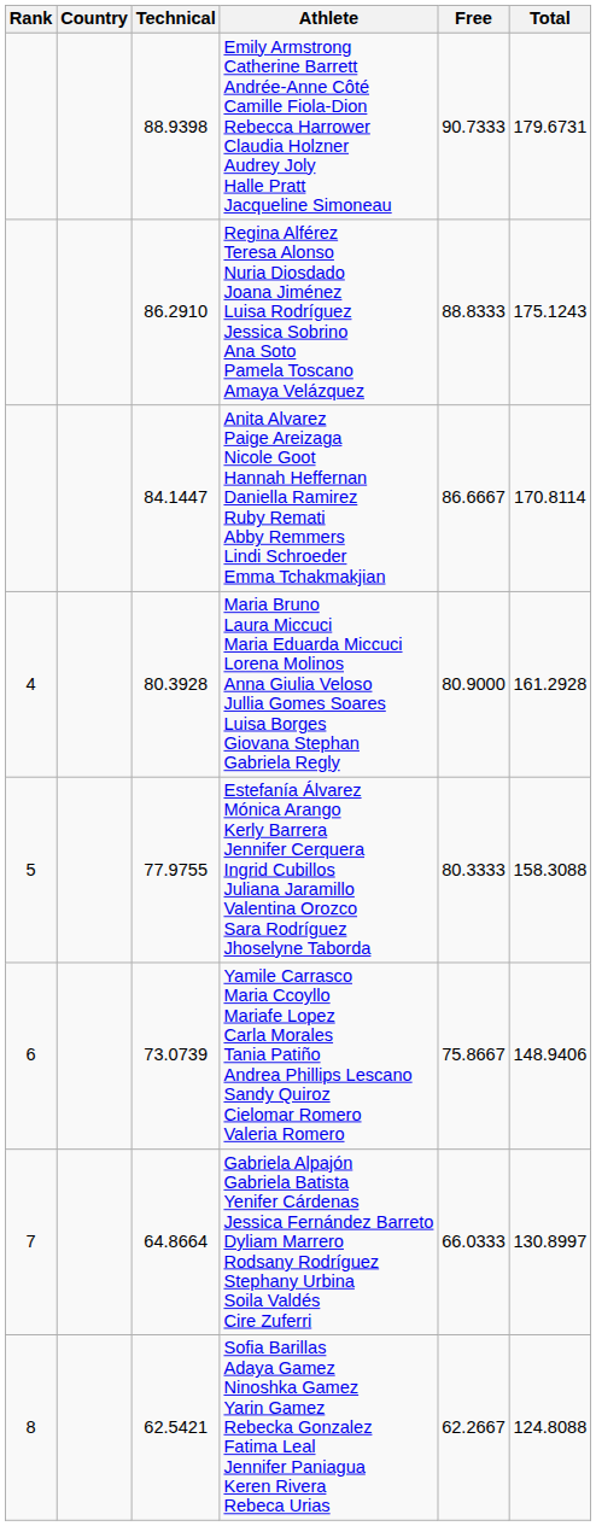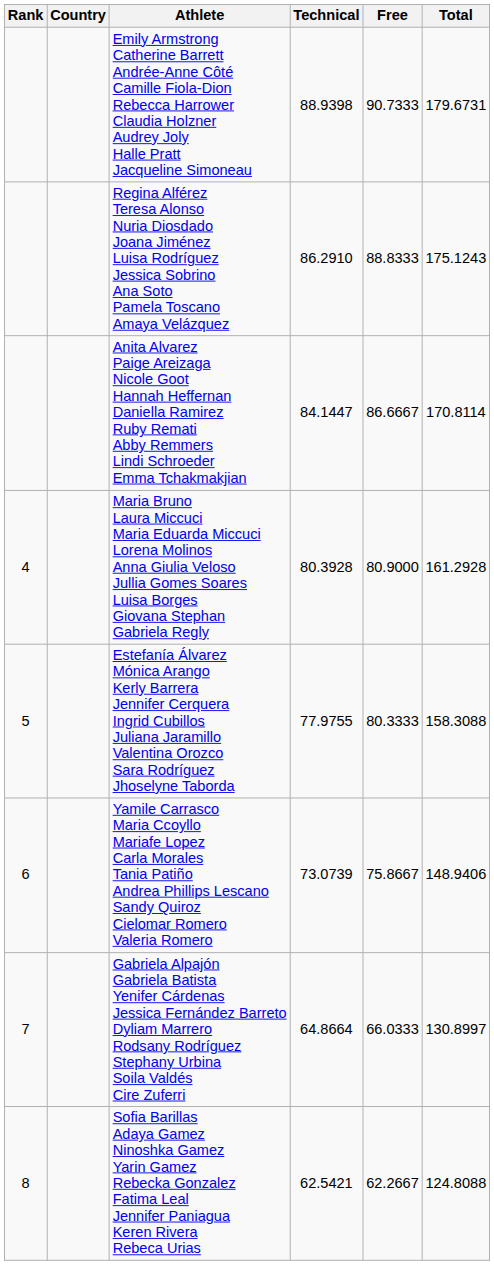 <table class="wikitable">
 <tr>
 <th>Rank</th>
 <th>Country</th>
+<th>Athlete</th>
 <th>Technical</th>
-<th>Athlete</th>
 <th>Free</th>
 <th>Total</th>
 </tr>
 <tr align=center>
 <td></td>
 <td align=left></td>
+<td align=left><a href='#'>Emily Armstrong</a><br><a href='#'>Catherine Barrett</a><br><a href='#'>Andrée-Anne Côté</a><br><a href='#'>Camille Fiola-Dion</a><br><a href='#'>Rebecca Harrower</a><br><a href='#'>Claudia Holzner</a><br><a href='#'>Audrey Joly</a><br><a href='#'>Halle Pratt</a><br><a href='#'>Jacqueline Simoneau</a></td>
 <td>88.9398</td>
-<td align=left><a href='#'>Emily Armstrong</a><br><a href='#'>Catherine Barrett</a><br><a href='#'>Andrée-Anne Côté</a><br><a href='#'>Camille Fiola-Dion</a><br><a href='#'>Rebecca Harrower</a><br><a href='#'>Claudia Holzner</a><br><a href='#'>Audrey Joly</a><br><a href='#'>Halle Pratt</a><br><a href='#'>Jacqueline Simoneau</a></td>
 <td>90.7333</td>
 <td>179.6731</td>
 </tr>
 <tr align=center>
 <td></td>
 <td align=left></td>
+<td align=left><a href='#'>Regina Alférez</a><br><a href='#'>Teresa Alonso</a><br><a href='#'>Nuria Diosdado</a><br><a href='#'>Joana Jiménez</a><br><a href='#'>Luisa Rodríguez</a><br><a href='#'>Jessica Sobrino</a><br><a href='#'>Ana Soto</a><br><a href='#'>Pamela Toscano</a><br><a href='#'>Amaya Velázquez</a></td>
 <td>86.2910</td>
-<td align=left><a href='#'>Regina Alférez</a><br><a href='#'>Teresa Alonso</a><br><a href='#'>Nuria Diosdado</a><br><a href='#'>Joana Jiménez</a><br><a href='#'>Luisa Rodríguez</a><br><a href='#'>Jessica Sobrino</a><br><a href='#'>Ana Soto</a><br><a href='#'>Pamela Toscano</a><br><a href='#'>Amaya Velázquez</a></td>
 <td>88.8333</td>
 <td>175.1243</td>
 </tr>
 <tr align=center>
 <td></td>
 <td align=left></td>
+<td align=left><a href='#'>Anita Alvarez</a><br><a href='#'>Paige Areizaga</a><br><a href='#'>Nicole Goot</a><br><a href='#'>Hannah Heffernan</a><br><a href='#'>Daniella Ramirez</a><br><a href='#'>Ruby Remati</a><br><a href='#'>Abby Remmers</a><br><a href='#'>Lindi Schroeder</a><br><a href='#'>Emma Tchakmakjian</a></td>
 <td>84.1447</td>
-<td align=left><a href='#'>Anita Alvarez</a><br><a href='#'>Paige Areizaga</a><br><a href='#'>Nicole Goot</a><br><a href='#'>Hannah Heffernan</a><br><a href='#'>Daniella Ramirez</a><br><a href='#'>Ruby Remati</a><br><a href='#'>Abby Remmers</a><br><a href='#'>Lindi Schroeder</a><br><a href='#'>Emma Tchakmakjian</a></td>
 <td>86.6667</td>
 <td>170.8114</td>
 </tr>
 <tr align=center>
 <td>4</td>
 <td align=left></td>
+<td align=left><a href='#'>Maria Bruno</a><br><a href='#'>Laura Miccuci</a><br><a href='#'>Maria Eduarda Miccuci</a><br><a href='#'>Lorena Molinos</a><br><a href='#'>Anna Giulia Veloso</a><br><a href='#'>Jullia Gomes Soares</a><br><a href='#'>Luisa Borges</a><br><a href='#'>Giovana Stephan</a><br><a href='#'>Gabriela Regly</a></td>
 <td>80.3928</td>
-<td align=left><a href='#'>Maria Bruno</a><br><a href='#'>Laura Miccuci</a><br><a href='#'>Maria Eduarda Miccuci</a><br><a href='#'>Lorena Molinos</a><br><a href='#'>Anna Giulia Veloso</a><br><a href='#'>Jullia Gomes Soares</a><br><a href='#'>Luisa Borges</a><br><a href='#'>Giovana Stephan</a><br><a href='#'>Gabriela Regly</a></td>
 <td>80.9000</td>
 <td>161.2928</td>
 </tr>
 <tr align=center>
 <td>5</td>
 <td align=left></td>
+<td align=left><a href='#'>Estefanía Álvarez</a><br><a href='#'>Mónica Arango</a><br><a href='#'>Kerly Barrera</a><br><a href='#'>Jennifer Cerquera</a><br><a href='#'>Ingrid Cubillos</a><br><a href='#'>Juliana Jaramillo</a><br><a href='#'>Valentina Orozco</a><br><a href='#'>Sara Rodríguez</a><br><a href='#'>Jhoselyne Taborda</a></td>
 <td>77.9755</td>
-<td align=left><a href='#'>Estefanía Álvarez</a><br><a href='#'>Mónica Arango</a><br><a href='#'>Kerly Barrera</a><br><a href='#'>Jennifer Cerquera</a><br><a href='#'>Ingrid Cubillos</a><br><a href='#'>Juliana Jaramillo</a><br><a href='#'>Valentina Orozco</a><br><a href='#'>Sara Rodríguez</a><br><a href='#'>Jhoselyne Taborda</a></td>
 <td>80.3333</td>
 <td>158.3088</td>
 </tr>
 <tr align=center>
 <td>6</td>
 <td align=left></td>
+<td align=left><a href='#'>Yamile Carrasco</a><br><a href='#'>Maria Ccoyllo</a><br><a href='#'>Mariafe Lopez</a><br><a href='#'>Carla Morales</a><br><a href='#'>Tania Patiño</a><br><a href='#'>Andrea Phillips Lescano</a><br><a href='#'>Sandy Quiroz</a><br><a href='#'>Cielomar Romero</a><br><a href='#'>Valeria Romero</a></td>
 <td>73.0739</td>
-<td align=left><a href='#'>Yamile Carrasco</a><br><a href='#'>Maria Ccoyllo</a><br><a href='#'>Mariafe Lopez</a><br><a href='#'>Carla Morales</a><br><a href='#'>Tania Patiño</a><br><a href='#'>Andrea Phillips Lescano</a><br><a href='#'>Sandy Quiroz</a><br><a href='#'>Cielomar Romero</a><br><a href='#'>Valeria Romero</a></td>
 <td>75.8667</td>
 <td>148.9406</td>
 </tr>
 <tr align=center>
 <td>7</td>
 <td align=left></td>
+<td align=left><a href='#'>Gabriela Alpajón</a><br><a href='#'>Gabriela Batista</a><br><a href='#'>Yenifer Cárdenas</a><br><a href='#'>Jessica Fernández Barreto</a><br><a href='#'>Dyliam Marrero</a><br><a href='#'>Rodsany Rodríguez</a><br><a href='#'>Stephany Urbina</a><br><a href='#'>Soila Valdés</a><br><a href='#'>Cire Zuferri</a></td>
 <td>64.8664</td>
-<td align=left><a href='#'>Gabriela Alpajón</a><br><a href='#'>Gabriela Batista</a><br><a href='#'>Yenifer Cárdenas</a><br><a href='#'>Jessica Fernández Barreto</a><br><a href='#'>Dyliam Marrero</a><br><a href='#'>Rodsany Rodríguez</a><br><a href='#'>Stephany Urbina</a><br><a href='#'>Soila Valdés</a><br><a href='#'>Cire Zuferri</a></td>
 <td>66.0333</td>
 <td>130.8997</td>
 </tr>
 <tr align=center>
 <td>8</td>
 <td align=left></td>
+<td align=left><a href='#'>Sofia Barillas</a><br><a href='#'>Adaya Gamez</a><br><a href='#'>Ninoshka Gamez</a><br><a href='#'>Yarin Gamez</a><br><a href='#'>Rebecka Gonzalez</a><br><a href='#'>Fatima Leal</a><br><a href='#'>Jennifer Paniagua</a><br><a href='#'>Keren Rivera</a><br><a href='#'>Rebeca Urias</a></td>
 <td>62.5421</td>
-<td align=left><a href='#'>Sofia Barillas</a><br><a href='#'>Adaya Gamez</a><br><a href='#'>Ninoshka Gamez</a><br><a href='#'>Yarin Gamez</a><br><a href='#'>Rebecka Gonzalez</a><br><a href='#'>Fatima Leal</a><br><a href='#'>Jennifer Paniagua</a><br><a href='#'>Keren Rivera</a><br><a href='#'>Rebeca Urias</a></td>
 <td>62.2667</td>
 <td>124.8088</td>
 </tr>
 </table>
